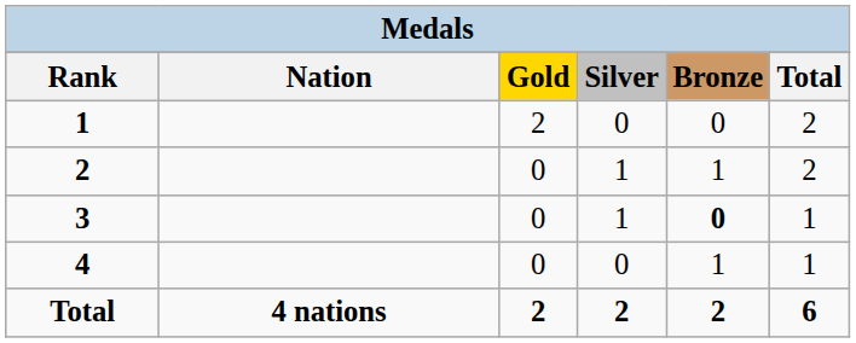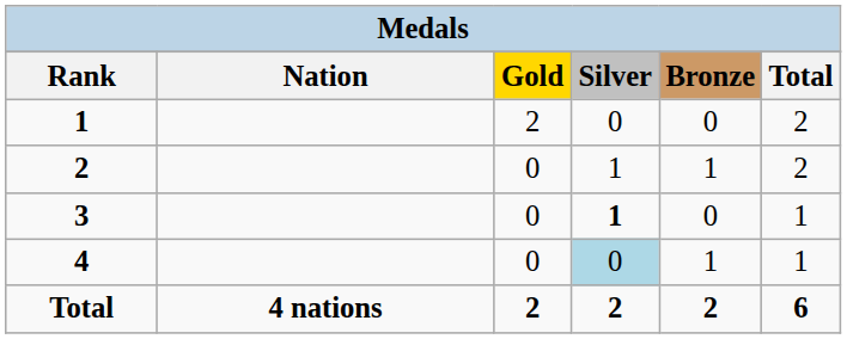 <table class="wikitable" style="text-align:center">
 <tr>
 <td colspan="6" style="background:#BCD4E6"><strong>Medals</strong></td>
 </tr>
 <tr>
 </tr>
 <tr style="background-color:#EDEDED;">
 <th width="75px" class="hintergrundfarbe5">Rank</th>
 <th width="175px" class="hintergrundfarbe6">Nation</th>
 <th style="background:    gold; width:35px ">Gold</th>
 <th style="background:  silver; width:35px ">Silver</th>
 <th style="background: #CC9966; width:35px ">Bronze</th>
 <th width="35px">Total</th>
 </tr>
 <tr>
 <td><strong>1</strong></td>
 <td style="text-align:left"></td>
 <td>2</td>
 <td>0</td>
 <td>0</td>
 <td>2</td>
 </tr>
 <tr>
 <td><strong>2</strong></td>
 <td style="text-align:left"></td>
 <td>0</td>
 <td>1</td>
 <td>1</td>
 <td>2</td>
 </tr>
 <tr>
 <td><strong>3</strong></td>
 <td style="text-align:left"></td>
 <td>0</td>
-<td>1</td>
-<td><strong>0</strong></td>
+<td><strong>1</strong></td>
+<td>0</td>
 <td>1</td>
 </tr>
 <tr>
 <td><strong>4</strong></td>
 <td style="text-align:left"></td>
 <td>0</td>
-<td>0</td>
+<td style="background: lightblue;">0</td>
 <td>1</td>
 <td>1</td>
 </tr>
 <tr>
 <td><strong>Total</strong></td>
 <td><strong>4 nations</strong></td>
 <td><strong>2</strong></td>
 <td><strong>2</strong></td>
 <td><strong>2</strong></td>
 <td><strong>6</strong></td>
 </tr>
 </table>
